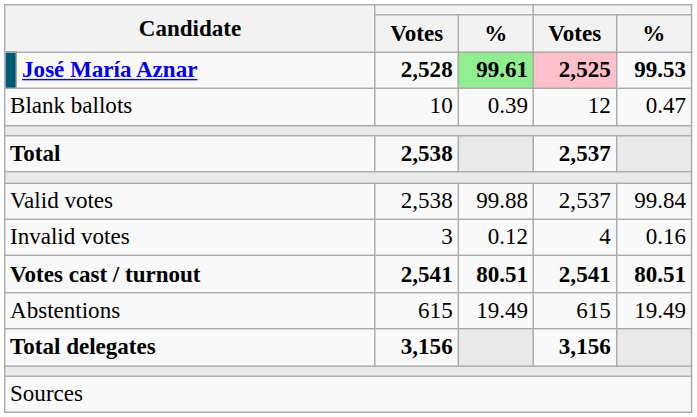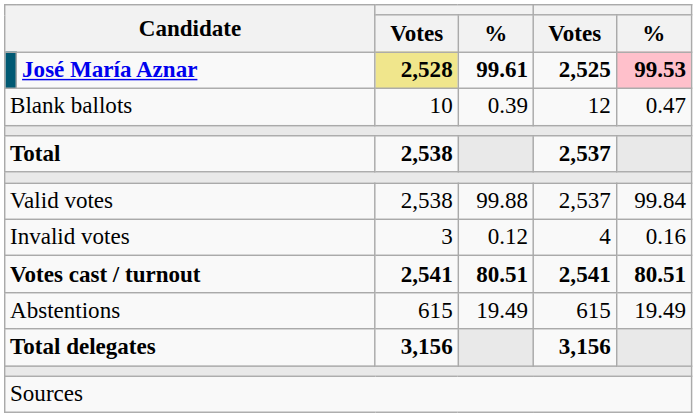 <table class="wikitable" style="text-align:right;">
 <tr>
 <th rowspan="2" colspan="2" width="250">Candidate</th>
 <th colspan="2"></th>
 <th colspan="2"></th>
 </tr>
 <tr>
 <th width="50">Votes</th>
 <th width="45">%</th>
 <th width="50">Votes</th>
 <th width="45">%</th>
 </tr>
 <tr>
 <td width="1" style="color:inherit;background:#005973"></td>
 <td align="left"><strong><a href='#'>José María Aznar</a></strong></td>
-<td><strong>2,528</strong></td>
-<td style="background: lightgreen;"><strong>99.61</strong></td>
-<td style="background: pink;"><strong>2,525</strong></td>
-<td><strong>99.53</strong></td>
+<td style="background: khaki;"><strong>2,528</strong></td>
+<td><strong>99.61</strong></td>
+<td><strong>2,525</strong></td>
+<td style="background: pink;"><strong>99.53</strong></td>
 </tr>
 <tr>
 <td align="left" colspan="2">Blank ballots</td>
 <td>10</td>
 <td>0.39</td>
 <td>12</td>
 <td>0.47</td>
 </tr>
 <tr>
 <td colspan="6" bgcolor="#E9E9E9"></td>
 </tr>
 <tr style="font-weight:bold;">
 <td align="left" colspan="2">Total</td>
 <td>2,538</td>
 <td bgcolor="#E9E9E9"></td>
 <td>2,537</td>
 <td bgcolor="#E9E9E9"></td>
 </tr>
 <tr>
 <td colspan="6" bgcolor="#E9E9E9"></td>
 </tr>
 <tr>
 <td align="left" colspan="2">Valid votes</td>
 <td>2,538</td>
 <td>99.88</td>
 <td>2,537</td>
 <td>99.84</td>
 </tr>
 <tr>
 <td align="left" colspan="2">Invalid votes</td>
 <td>3</td>
 <td>0.12</td>
 <td>4</td>
 <td>0.16</td>
 </tr>
 <tr style="font-weight:bold;">
 <td align="left" colspan="2">Votes cast / turnout</td>
 <td>2,541</td>
 <td>80.51</td>
 <td>2,541</td>
 <td>80.51</td>
 </tr>
 <tr>
 <td align="left" colspan="2">Abstentions</td>
 <td>615</td>
 <td>19.49</td>
 <td>615</td>
 <td>19.49</td>
 </tr>
 <tr style="font-weight:bold;">
 <td align="left" colspan="2">Total delegates</td>
 <td>3,156</td>
 <td bgcolor="#E9E9E9"></td>
 <td>3,156</td>
 <td bgcolor="#E9E9E9"></td>
 </tr>
 <tr>
 <td colspan="6" bgcolor="#E9E9E9"></td>
 </tr>
 <tr>
 <td align="left" colspan="6">Sources</td>
 </tr>
 </table>
